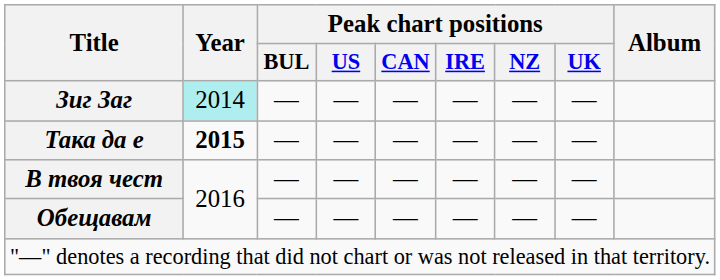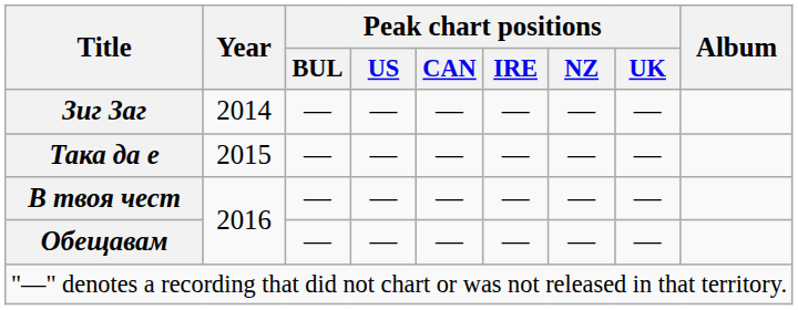 <table class="wikitable plainrowheaders" style="text-align:center;">
 <tr>
 <th scope="col" rowspan="2">Title</th>
 <th scope="col" rowspan="2">Year</th>
 <th scope="col" colspan="6">Peak chart positions</th>
 <th scope="col" rowspan="2">Album</th>
 </tr>
 <tr>
 <th scope="col" style="width:2.2em;font-size:90%;">BUL</th>
 <th scope="col" style="width:2.2em;font-size:90%;"><a href='#'>US</a></th>
 <th scope="col" style="width:2.2em; font-size:90%;"><a href='#'>CAN</a></th>
 <th scope="col" style="width:2.2em;font-size:90%;"><a href='#'>IRE</a></th>
 <th scope="col" style="width:2.2em;font-size:90%;"><a href='#'>NZ</a></th>
 <th scope="col" style="width:2.2em;font-size:90%;"><a href='#'>UK</a></th>
 </tr>
 <tr>
 <th scope="row"><em>Зиг Заг</em><br></th>
-<td style="background: paleturquoise;">2014</td>
+<td>2014</td>
 <td>—</td>
 <td>—</td>
 <td>—</td>
 <td>—</td>
 <td>—</td>
 <td>—</td>
 <td></td>
 </tr>
 <tr>
 <th scope="row"><em>Така да е</em><br></th>
-<td><strong>2015</strong></td>
+<td>2015</td>
 <td>—</td>
 <td>—</td>
 <td>—</td>
 <td>—</td>
 <td>—</td>
 <td>—</td>
 <td></td>
 </tr>
 <tr>
 <th scope="row"><em>В твоя чест</em><br></th>
 <td rowspan="2">2016</td>
 <td>—</td>
 <td>—</td>
 <td>—</td>
 <td>—</td>
 <td>—</td>
 <td>—</td>
 <td></td>
 </tr>
 <tr>
 <th scope="row"><em>Обещавам</em><br></th>
 <td>—</td>
 <td>—</td>
 <td>—</td>
 <td>—</td>
 <td>—</td>
 <td>—</td>
 <td></td>
 </tr>
 <tr>
 <td colspan="13" style="font-size:90%">"—" denotes a recording that did not chart or was not released in that territory.</td>
 </tr>
 </table>
